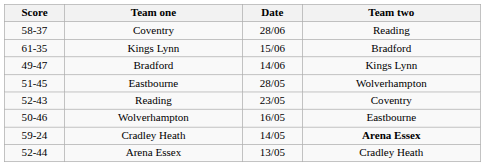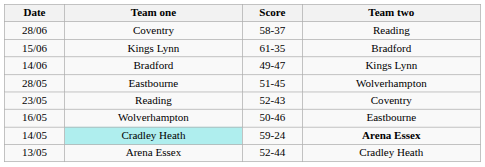 <table class="wikitable" style="text-align: center">
 <tr>
+<th width=80>Date</th>
+<th width=250>Team one</th>
 <th width=80>Score</th>
-<th width=250>Team one</th>
-<th width=80>Date</th>
 <th width=250>Team two</th>
 </tr>
 <tr>
+<td>28/06</td>
+<td>Coventry</td>
 <td>58-37</td>
-<td>Coventry</td>
-<td>28/06</td>
 <td>Reading</td>
 </tr>
 <tr>
+<td>15/06</td>
+<td>Kings Lynn</td>
 <td>61-35</td>
-<td>Kings Lynn</td>
-<td>15/06</td>
 <td>Bradford</td>
 </tr>
 <tr>
+<td>14/06</td>
+<td>Bradford</td>
 <td>49-47</td>
-<td>Bradford</td>
-<td>14/06</td>
 <td>Kings Lynn</td>
 </tr>
 <tr>
+<td>28/05</td>
+<td>Eastbourne</td>
 <td>51-45</td>
-<td>Eastbourne</td>
-<td>28/05</td>
 <td>Wolverhampton</td>
 </tr>
 <tr>
+<td>23/05</td>
+<td>Reading</td>
 <td>52-43</td>
-<td>Reading</td>
-<td>23/05</td>
 <td>Coventry</td>
 </tr>
 <tr>
+<td>16/05</td>
+<td>Wolverhampton</td>
 <td>50-46</td>
-<td>Wolverhampton</td>
-<td>16/05</td>
 <td>Eastbourne</td>
 </tr>
 <tr>
+<td>14/05</td>
+<td style="background: paleturquoise;">Cradley Heath</td>
 <td>59-24</td>
-<td>Cradley Heath</td>
-<td>14/05</td>
 <td><strong>Arena Essex</strong></td>
 </tr>
 <tr>
+<td>13/05</td>
+<td>Arena Essex</td>
 <td>52-44</td>
-<td>Arena Essex</td>
-<td>13/05</td>
 <td>Cradley Heath</td>
 </tr>
 </table>
